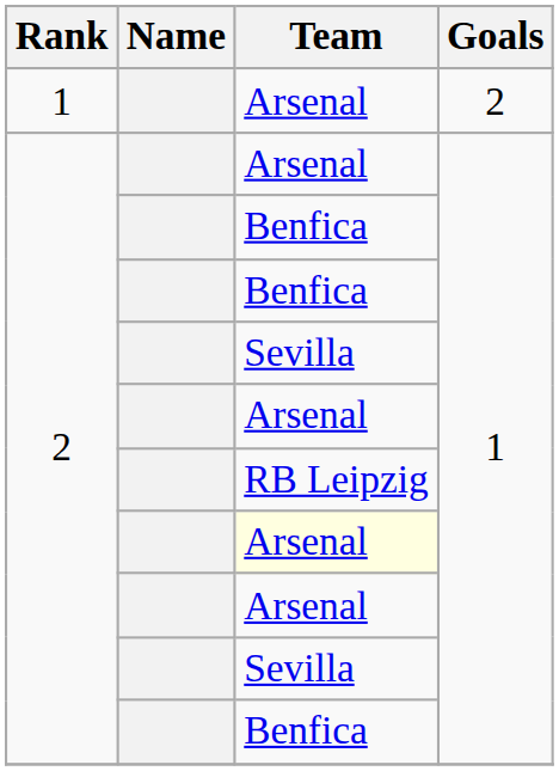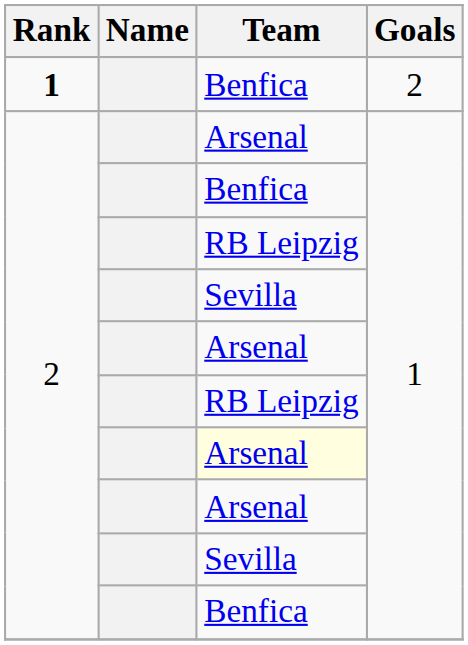 <table class="wikitable plainrowheaders sortable" cellpadding="3" style="text-align: center;">
 <tr>
 <th scope=col>Rank</th>
 <th scope=col>Name</th>
 <th scope=col>Team</th>
 <th scope=col>Goals</th>
 </tr>
 <tr>
-<td rowspan="1">1</td>
+<td rowspan="1"><strong>1</strong></td>
 <th scope=row> </th>
-<td align="left"><a href='#'>Arsenal</a></td>
+<td align="left"><a href='#'>Benfica</a></td>
 <td rowspan="1">2</td>
 </tr>
 <tr>
 <td rowspan="10">2</td>
 <th scope=row> </th>
 <td align="left"><a href='#'>Arsenal</a></td>
 <td rowspan="10">1</td>
 </tr>
 <tr>
 <th scope=row> </th>
 <td align="left"><a href='#'>Benfica</a></td>
 </tr>
 <tr>
 <th scope=row> </th>
-<td align="left"><a href='#'>Benfica</a></td>
+<td align="left"><a href='#'>RB Leipzig</a></td>
 </tr>
 <tr>
 <th scope=row> </th>
 <td align="left"><a href='#'>Sevilla</a></td>
 </tr>
 <tr>
 <th scope=row> </th>
 <td align="left"><a href='#'>Arsenal</a></td>
 </tr>
 <tr>
 <th scope=row> </th>
 <td align="left"><a href='#'>RB Leipzig</a></td>
 </tr>
 <tr>
 <th scope=row> </th>
 <td align="left" style="background: lightyellow;"><a href='#'>Arsenal</a></td>
 </tr>
 <tr>
 <th scope=row> </th>
 <td align="left"><a href='#'>Arsenal</a></td>
 </tr>
 <tr>
 <th scope=row> </th>
 <td align="left"><a href='#'>Sevilla</a></td>
 </tr>
 <tr>
 <th scope=row> </th>
 <td align="left"><a href='#'>Benfica</a></td>
 </tr>
 <tr>
 </tr>
 </table>
